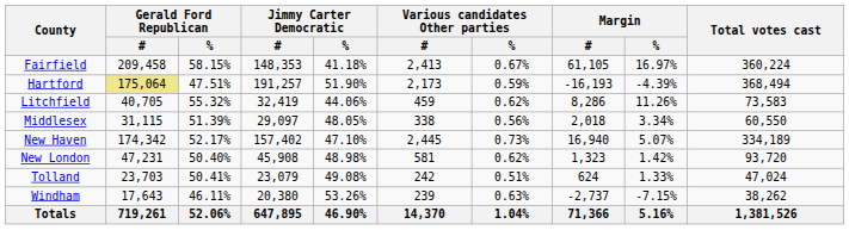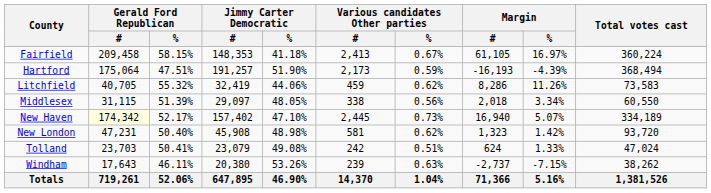 <table width="60%"  class="wikitable sortable" style="text-align:center">
 <tr>
 <th style="text-align:center;" rowspan="2">County</th>
 <th style="text-align:center;" colspan="2">Gerald Ford<br>Republican</th>
 <th style="text-align:center;" colspan="2">Jimmy Carter<br>Democratic</th>
 <th style="text-align:center;" colspan="2">Various candidates<br>Other parties</th>
 <th style="text-align:center;" colspan="2">Margin</th>
 <th style="text-align:center;" rowspan="2">Total votes cast</th>
 </tr>
 <tr>
 <th style="text-align:center;" data-sort-type="number">#</th>
 <th style="text-align:center;" data-sort-type="number">%</th>
 <th style="text-align:center;" data-sort-type="number">#</th>
 <th style="text-align:center;" data-sort-type="number">%</th>
 <th style="text-align:center;" data-sort-type="number">#</th>
 <th style="text-align:center;" data-sort-type="number">%</th>
 <th style="text-align:center;" data-sort-type="number">#</th>
 <th style="text-align:center;" data-sort-type="number">%</th>
 </tr>
 <tr style="text-align:center;">
 <td><a href='#'>Fairfield</a></td>
 <td>209,458</td>
 <td>58.15%</td>
 <td>148,353</td>
 <td>41.18%</td>
 <td>2,413</td>
 <td>0.67%</td>
 <td>61,105</td>
 <td>16.97%</td>
 <td>360,224</td>
 </tr>
 <tr style="text-align:center;">
 <td><a href='#'>Hartford</a></td>
-<td style="background: khaki;">175,064</td>
+<td>175,064</td>
 <td>47.51%</td>
 <td>191,257</td>
 <td>51.90%</td>
 <td>2,173</td>
 <td>0.59%</td>
 <td>-16,193</td>
 <td>-4.39%</td>
 <td>368,494</td>
 </tr>
 <tr style="text-align:center;">
 <td><a href='#'>Litchfield</a></td>
 <td>40,705</td>
 <td>55.32%</td>
 <td>32,419</td>
 <td>44.06%</td>
 <td>459</td>
 <td>0.62%</td>
 <td>8,286</td>
 <td>11.26%</td>
 <td>73,583</td>
 </tr>
 <tr style="text-align:center;">
 <td><a href='#'>Middlesex</a></td>
 <td>31,115</td>
 <td>51.39%</td>
 <td>29,097</td>
 <td>48.05%</td>
 <td>338</td>
 <td>0.56%</td>
 <td>2,018</td>
 <td>3.34%</td>
 <td>60,550</td>
 </tr>
 <tr style="text-align:center;">
 <td><a href='#'>New Haven</a></td>
-<td>174,342</td>
+<td style="background: lightyellow;">174,342</td>
 <td>52.17%</td>
 <td>157,402</td>
 <td>47.10%</td>
 <td>2,445</td>
 <td>0.73%</td>
 <td>16,940</td>
 <td>5.07%</td>
 <td>334,189</td>
 </tr>
 <tr style="text-align:center;">
 <td><a href='#'>New London</a></td>
 <td>47,231</td>
 <td>50.40%</td>
 <td>45,908</td>
 <td>48.98%</td>
 <td>581</td>
 <td>0.62%</td>
 <td>1,323</td>
 <td>1.42%</td>
 <td>93,720</td>
 </tr>
 <tr style="text-align:center;">
 <td><a href='#'>Tolland</a></td>
 <td>23,703</td>
 <td>50.41%</td>
 <td>23,079</td>
 <td>49.08%</td>
 <td>242</td>
 <td>0.51%</td>
 <td>624</td>
 <td>1.33%</td>
 <td>47,024</td>
 </tr>
 <tr style="text-align:center;">
 <td><a href='#'>Windham</a></td>
 <td>17,643</td>
 <td>46.11%</td>
 <td>20,380</td>
 <td>53.26%</td>
 <td>239</td>
 <td>0.63%</td>
 <td>-2,737</td>
 <td>-7.15%</td>
 <td>38,262</td>
 </tr>
 <tr>
 <th>Totals</th>
 <th>719,261</th>
 <th>52.06%</th>
 <th>647,895</th>
 <th>46.90%</th>
 <th>14,370</th>
 <th>1.04%</th>
 <th>71,366</th>
 <th>5.16%</th>
 <th>1,381,526</th>
 </tr>
 </table>
